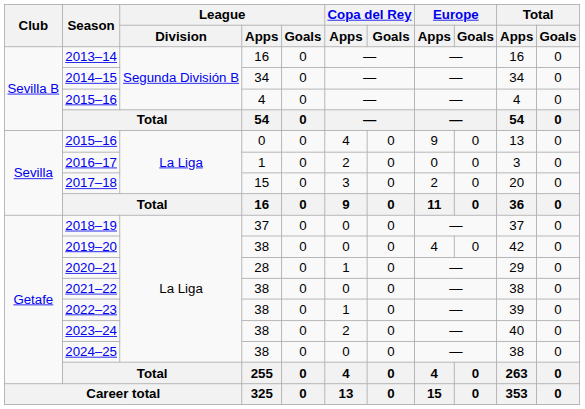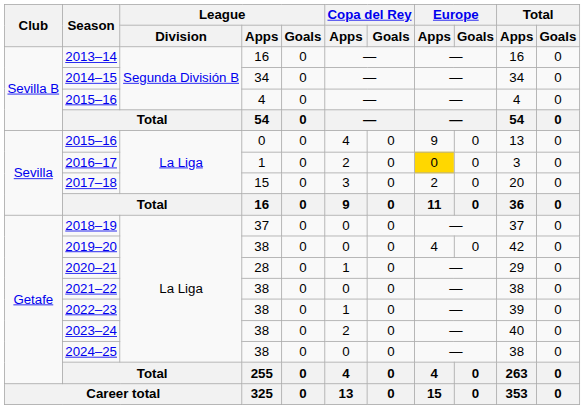 <table class="wikitable" style="text-align:center">
 <tr>
 <th rowspan="2">Club</th>
 <th rowspan="2">Season</th>
 <th colspan="3">League</th>
 <th colspan="2"><a href='#'>Copa del Rey</a></th>
 <th colspan="2"><a href='#'>Europe</a></th>
 <th colspan="2">Total</th>
 </tr>
 <tr>
 <th>Division</th>
 <th>Apps</th>
 <th>Goals</th>
 <th>Apps</th>
 <th>Goals</th>
 <th>Apps</th>
 <th>Goals</th>
 <th>Apps</th>
 <th>Goals</th>
 </tr>
 <tr>
 <td rowspan="4"><a href='#'>Sevilla B</a></td>
 <td><a href='#'>2013–14</a></td>
 <td rowspan="3"><a href='#'>Segunda División B</a></td>
 <td>16</td>
 <td>0</td>
 <td colspan="2">—</td>
 <td colspan="2">—</td>
 <td>16</td>
 <td>0</td>
 </tr>
 <tr>
 <td><a href='#'>2014–15</a></td>
 <td>34</td>
 <td>0</td>
 <td colspan="2">—</td>
 <td colspan="2">—</td>
 <td>34</td>
 <td>0</td>
 </tr>
 <tr>
 <td><a href='#'>2015–16</a></td>
 <td>4</td>
 <td>0</td>
 <td colspan="2">—</td>
 <td colspan="2">—</td>
 <td>4</td>
 <td>0</td>
 </tr>
 <tr>
 <th colspan="2">Total</th>
 <th>54</th>
 <th>0</th>
 <th colspan="2">—</th>
 <th colspan="2">—</th>
 <th>54</th>
 <th>0</th>
 </tr>
 <tr>
 <td rowspan="4"><a href='#'>Sevilla</a></td>
 <td><a href='#'>2015–16</a></td>
 <td rowspan="3"><a href='#'>La Liga</a></td>
 <td>0</td>
 <td>0</td>
 <td>4</td>
 <td>0</td>
 <td>9</td>
 <td>0</td>
 <td>13</td>
 <td>0</td>
 </tr>
 <tr>
 <td><a href='#'>2016–17</a></td>
 <td>1</td>
 <td>0</td>
 <td>2</td>
 <td>0</td>
-<td>0</td>
+<td style="background: gold;">0</td>
 <td>0</td>
 <td>3</td>
 <td>0</td>
 </tr>
 <tr>
 <td><a href='#'>2017–18</a></td>
 <td>15</td>
 <td>0</td>
 <td>3</td>
 <td>0</td>
 <td>2</td>
 <td>0</td>
 <td>20</td>
 <td>0</td>
 </tr>
 <tr>
 <th colspan="2">Total</th>
 <th>16</th>
 <th>0</th>
 <th>9</th>
 <th>0</th>
 <th>11</th>
 <th>0</th>
 <th>36</th>
 <th>0</th>
 </tr>
 <tr>
 <td rowspan="8"><a href='#'>Getafe</a></td>
 <td><a href='#'>2018–19</a></td>
 <td rowspan="7">La Liga</td>
 <td>37</td>
 <td>0</td>
 <td>0</td>
 <td>0</td>
 <td colspan="2">—</td>
 <td>37</td>
 <td>0</td>
 </tr>
 <tr>
 <td><a href='#'>2019–20</a></td>
 <td>38</td>
 <td>0</td>
 <td>0</td>
 <td>0</td>
 <td>4</td>
 <td>0</td>
 <td>42</td>
 <td>0</td>
 </tr>
 <tr>
 <td><a href='#'>2020–21</a></td>
 <td>28</td>
 <td>0</td>
 <td>1</td>
 <td>0</td>
 <td colspan="2">—</td>
 <td>29</td>
 <td>0</td>
 </tr>
 <tr>
 <td><a href='#'>2021–22</a></td>
 <td>38</td>
 <td>0</td>
 <td>0</td>
 <td>0</td>
 <td colspan="2">—</td>
 <td>38</td>
 <td>0</td>
 </tr>
 <tr>
 <td><a href='#'>2022–23</a></td>
 <td>38</td>
 <td>0</td>
 <td>1</td>
 <td>0</td>
 <td colspan="2">—</td>
 <td>39</td>
 <td>0</td>
 </tr>
 <tr>
 <td><a href='#'>2023–24</a></td>
 <td>38</td>
 <td>0</td>
 <td>2</td>
 <td>0</td>
 <td colspan="2">—</td>
 <td>40</td>
 <td>0</td>
 </tr>
 <tr>
 <td><a href='#'>2024–25</a></td>
 <td>38</td>
 <td>0</td>
 <td>0</td>
 <td>0</td>
 <td colspan="2">—</td>
 <td>38</td>
 <td>0</td>
 </tr>
 <tr>
 <th colspan="2">Total</th>
 <th>255</th>
 <th>0</th>
 <th>4</th>
 <th>0</th>
 <th>4</th>
 <th>0</th>
 <th>263</th>
 <th>0</th>
 </tr>
 <tr>
 <th colspan="3">Career total</th>
 <th>325</th>
 <th>0</th>
 <th>13</th>
 <th>0</th>
 <th>15</th>
 <th>0</th>
 <th>353</th>
 <th>0</th>
 </tr>
 </table>
